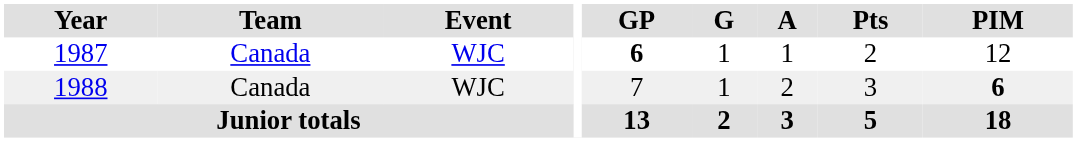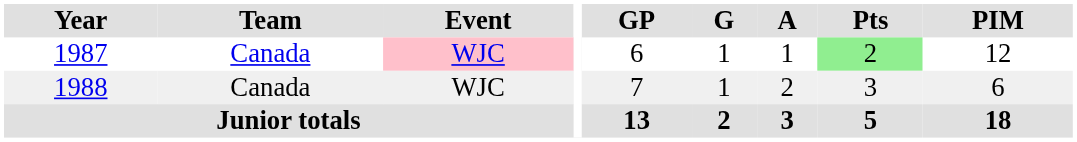 <table border="0" cellpadding="1" cellspacing="0" ID="Table3" style="text-align:center; width:40em">
 <tr ALIGN="center" bgcolor="#e0e0e0">
 <th>Year</th>
 <th>Team</th>
 <th>Event</th>
 <th rowspan="99" bgcolor="#ffffff"></th>
 <th>GP</th>
 <th>G</th>
 <th>A</th>
 <th>Pts</th>
 <th>PIM</th>
 </tr>
 <tr>
 <td><a href='#'>1987</a></td>
 <td><a href='#'>Canada</a></td>
-<td><a href='#'>WJC</a></td>
-<td><strong>6</strong></td>
+<td style="background: pink;"><a href='#'>WJC</a></td>
+<td>6</td>
 <td>1</td>
 <td>1</td>
-<td>2</td>
+<td style="background: lightgreen;">2</td>
 <td>12</td>
 </tr>
 <tr bgcolor="#f0f0f0">
 <td><a href='#'>1988</a></td>
 <td>Canada</td>
 <td>WJC</td>
 <td>7</td>
 <td>1</td>
 <td>2</td>
 <td>3</td>
-<td><strong>6</strong></td>
+<td>6</td>
 </tr>
 <tr bgcolor="#e0e0e0">
 <th colspan="3">Junior totals</th>
 <th>13</th>
 <th>2</th>
 <th>3</th>
 <th>5</th>
 <th>18</th>
 </tr>
 </table>
